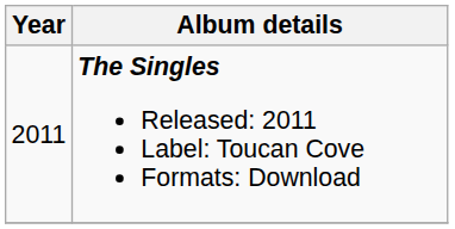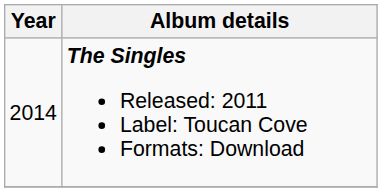 <table class="wikitable" style="text-align:center;">
 <tr>
 <th>Year</th>
 <th width="230">Album details</th>
 </tr>
 <tr>
-<td>2011</td>
+<td>2014</td>
 <td align="left"><strong><em>The Singles</em></strong><br><ul><li>Released: 2011</li><li>Label: Toucan Cove</li><li>Formats: Download</li></ul></td>
 </tr>
 <tr>
 </tr>
 </table>
